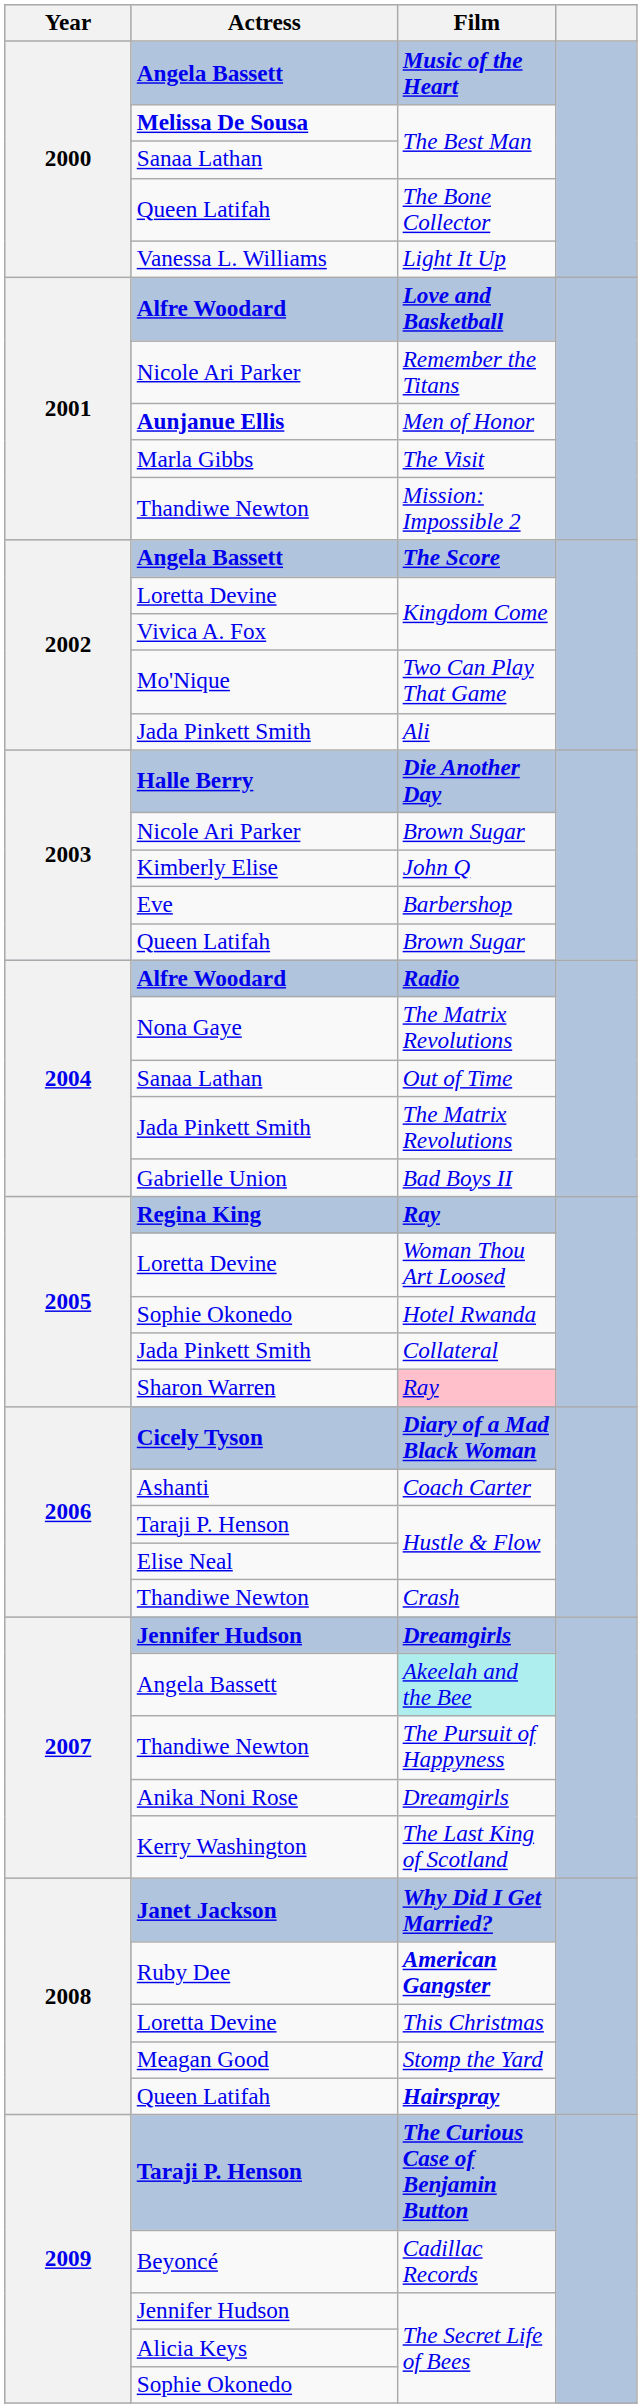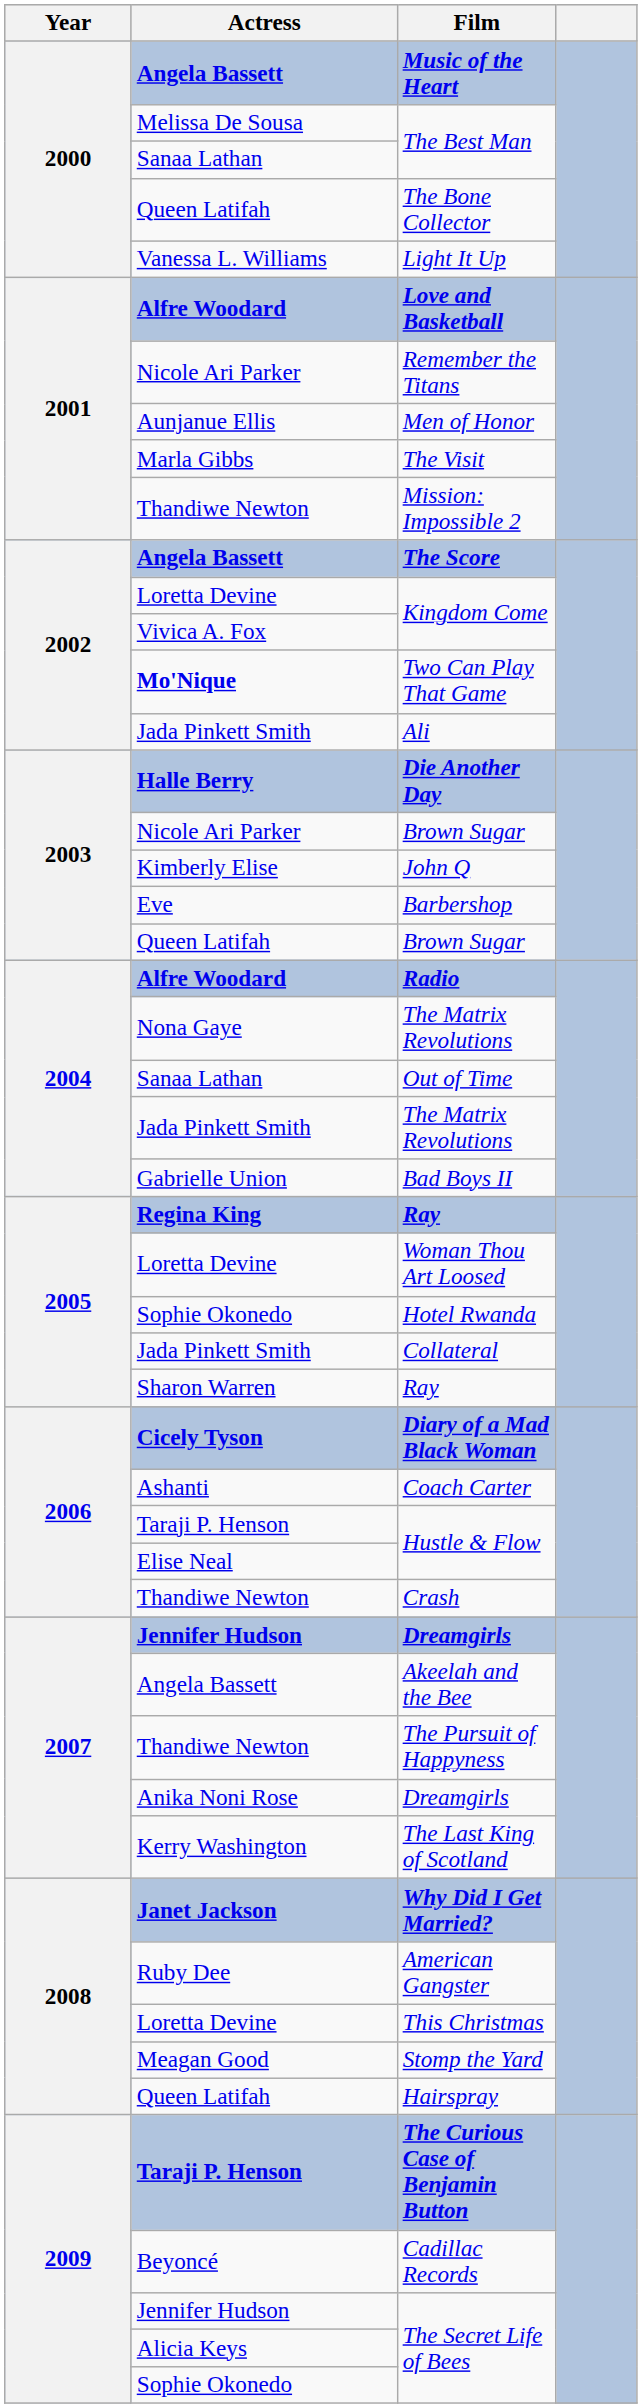 <table class="wikitable" style="width:70%;">
 <tr style="background:#bebebe;">
 <th scope="col" style="width:5em;">Year</th>
 <th scope="col" style="width:11em;">Actress</th>
 <th scope="col">Film</th>
 <th scope="col" style="width:3em;"></th>
 </tr>
 <tr style="background:#B0C4DE; font-weight:bold;">
 <th scope="row" rowspan="5">2000</th>
 <td><a href='#'>Angela Bassett</a></td>
 <td><em><a href='#'>Music of the Heart</a></em></td>
 <td rowspan="5" style="text-align:center;"></td>
 </tr>
 <tr>
-<td><strong><a href='#'>Melissa De Sousa</a></strong></td>
+<td><a href='#'>Melissa De Sousa</a></td>
 <td rowspan="2"><em><a href='#'>The Best Man</a></em></td>
 </tr>
 <tr>
 <td><a href='#'>Sanaa Lathan</a></td>
 </tr>
 <tr>
 <td><a href='#'>Queen Latifah</a></td>
 <td><em><a href='#'>The Bone Collector</a></em></td>
 </tr>
 <tr>
 <td><a href='#'>Vanessa L. Williams</a></td>
 <td><em><a href='#'>Light It Up</a></em></td>
 </tr>
 <tr style="background:#B0C4DE; font-weight:bold;">
 <th scope="row" rowspan="5">2001</th>
 <td><a href='#'>Alfre Woodard</a></td>
 <td><em><a href='#'>Love and Basketball</a></em></td>
 <td rowspan="5" style="text-align:center;"></td>
 </tr>
 <tr>
 <td><a href='#'>Nicole Ari Parker</a></td>
 <td><em><a href='#'>Remember the Titans</a></em></td>
 </tr>
 <tr>
-<td><strong><a href='#'>Aunjanue Ellis</a></strong></td>
+<td><a href='#'>Aunjanue Ellis</a></td>
 <td><em><a href='#'>Men of Honor</a></em></td>
 </tr>
 <tr>
 <td><a href='#'>Marla Gibbs</a></td>
 <td><em><a href='#'>The Visit</a></em></td>
 </tr>
 <tr>
 <td><a href='#'>Thandiwe Newton</a></td>
 <td><em><a href='#'>Mission: Impossible 2</a></em></td>
 </tr>
 <tr style="background:#B0C4DE; font-weight:bold;">
 <th scope="row" rowspan="5">2002</th>
 <td><a href='#'>Angela Bassett</a></td>
 <td><em><a href='#'>The Score</a></em></td>
 <td rowspan="5" style="text-align:center;"></td>
 </tr>
 <tr>
 <td><a href='#'>Loretta Devine</a></td>
 <td rowspan="2"><em><a href='#'>Kingdom Come</a></em></td>
 </tr>
 <tr>
 <td><a href='#'>Vivica A. Fox</a></td>
 </tr>
 <tr>
-<td><a href='#'>Mo'Nique</a></td>
+<td><strong><a href='#'>Mo'Nique</a></strong></td>
 <td><em><a href='#'>Two Can Play That Game</a></em></td>
 </tr>
 <tr>
 <td><a href='#'>Jada Pinkett Smith</a></td>
 <td><em><a href='#'>Ali</a></em></td>
 </tr>
 <tr style="background:#B0C4DE; font-weight:bold;">
 <th scope="row" rowspan="5">2003</th>
 <td><a href='#'>Halle Berry</a></td>
 <td><em><a href='#'>Die Another Day</a></em></td>
 <td rowspan="5" style="text-align:center;"></td>
 </tr>
 <tr>
 <td><a href='#'>Nicole Ari Parker</a></td>
 <td><em><a href='#'>Brown Sugar</a></em></td>
 </tr>
 <tr>
 <td><a href='#'>Kimberly Elise</a></td>
 <td><em><a href='#'>John Q</a></em></td>
 </tr>
 <tr>
 <td><a href='#'>Eve</a></td>
 <td><em><a href='#'>Barbershop</a></em></td>
 </tr>
 <tr>
 <td><a href='#'>Queen Latifah</a></td>
 <td><em><a href='#'>Brown Sugar</a></em></td>
 </tr>
 <tr style="background:#B0C4DE; font-weight:bold;">
 <th scope="row" rowspan="5"><a href='#'>2004</a></th>
 <td><a href='#'>Alfre Woodard</a></td>
 <td><em><a href='#'>Radio</a></em></td>
 <td rowspan="5" style="text-align:center;"></td>
 </tr>
 <tr>
 <td><a href='#'>Nona Gaye</a></td>
 <td><em><a href='#'>The Matrix Revolutions</a></em></td>
 </tr>
 <tr>
 <td><a href='#'>Sanaa Lathan</a></td>
 <td><em><a href='#'>Out of Time</a></em></td>
 </tr>
 <tr>
 <td><a href='#'>Jada Pinkett Smith</a></td>
 <td><em><a href='#'>The Matrix Revolutions</a></em></td>
 </tr>
 <tr>
 <td><a href='#'>Gabrielle Union</a></td>
 <td><em><a href='#'>Bad Boys II</a></em></td>
 </tr>
 <tr style="background:#B0C4DE; font-weight:bold;">
 <th scope="row" rowspan="5"><a href='#'>2005</a></th>
 <td><a href='#'>Regina King</a></td>
 <td><em><a href='#'>Ray</a></em></td>
 <td rowspan="5" style="text-align:center;"></td>
 </tr>
 <tr>
 <td><a href='#'>Loretta Devine</a></td>
 <td><em><a href='#'>Woman Thou Art Loosed</a></em></td>
 </tr>
 <tr>
 <td><a href='#'>Sophie Okonedo</a></td>
 <td><em><a href='#'>Hotel Rwanda</a></em></td>
 </tr>
 <tr>
 <td><a href='#'>Jada Pinkett Smith</a></td>
 <td><em><a href='#'>Collateral</a></em></td>
 </tr>
 <tr>
 <td><a href='#'>Sharon Warren</a></td>
-<td style="background: pink;"><em><a href='#'>Ray</a></em></td>
+<td><em><a href='#'>Ray</a></em></td>
 </tr>
 <tr style="background:#B0C4DE; font-weight:bold;">
 <th scope="row" rowspan="5"><a href='#'>2006</a></th>
 <td><a href='#'>Cicely Tyson</a></td>
 <td><em><a href='#'>Diary of a Mad Black Woman</a></em></td>
 <td rowspan="5" style="text-align:center;"></td>
 </tr>
 <tr>
 <td><a href='#'>Ashanti</a></td>
 <td><em><a href='#'>Coach Carter</a></em></td>
 </tr>
 <tr>
 <td><a href='#'>Taraji P. Henson</a></td>
 <td rowspan="2"><em><a href='#'>Hustle & Flow</a></em></td>
 </tr>
 <tr>
 <td><a href='#'>Elise Neal</a></td>
 </tr>
 <tr>
 <td><a href='#'>Thandiwe Newton</a></td>
 <td><em><a href='#'>Crash</a></em></td>
 </tr>
 <tr style="background:#B0C4DE; font-weight:bold;">
 <th scope="row" rowspan="5"><a href='#'>2007</a></th>
 <td><a href='#'>Jennifer Hudson</a></td>
 <td><em><a href='#'>Dreamgirls</a></em></td>
 <td rowspan="5" style="text-align:center;"></td>
 </tr>
 <tr>
 <td><a href='#'>Angela Bassett</a></td>
-<td style="background: paleturquoise;"><em><a href='#'>Akeelah and the Bee</a></em></td>
+<td><em><a href='#'>Akeelah and the Bee</a></em></td>
 </tr>
 <tr>
 <td><a href='#'>Thandiwe Newton</a></td>
 <td><em><a href='#'>The Pursuit of Happyness</a></em></td>
 </tr>
 <tr>
 <td><a href='#'>Anika Noni Rose</a></td>
 <td><em><a href='#'>Dreamgirls</a></em></td>
 </tr>
 <tr>
 <td><a href='#'>Kerry Washington</a></td>
 <td><em><a href='#'>The Last King of Scotland</a></em></td>
 </tr>
 <tr style="background:#B0C4DE; font-weight:bold;">
 <th scope="row" rowspan="5">2008</th>
 <td><a href='#'>Janet Jackson</a></td>
 <td><em><a href='#'>Why Did I Get Married?</a></em></td>
 <td rowspan="5" style="text-align:center;"></td>
 </tr>
 <tr>
 <td><a href='#'>Ruby Dee</a></td>
-<td><strong><em><a href='#'>American Gangster</a></em></strong></td>
+<td><em><a href='#'>American Gangster</a></em></td>
 </tr>
 <tr>
 <td><a href='#'>Loretta Devine</a></td>
 <td><em><a href='#'>This Christmas</a></em></td>
 </tr>
 <tr>
 <td><a href='#'>Meagan Good</a></td>
 <td><em><a href='#'>Stomp the Yard</a></em></td>
 </tr>
 <tr>
 <td><a href='#'>Queen Latifah</a></td>
-<td><strong><em><a href='#'>Hairspray</a></em></strong></td>
+<td><em><a href='#'>Hairspray</a></em></td>
 </tr>
 <tr style="background:#B0C4DE; font-weight:bold;">
 <th scope="row" rowspan="5"><a href='#'>2009</a></th>
 <td><a href='#'>Taraji P. Henson</a></td>
 <td><em><a href='#'>The Curious Case of Benjamin Button</a></em></td>
 <td rowspan="5" style="text-align:center;"></td>
 </tr>
 <tr>
 <td><a href='#'>Beyoncé</a></td>
 <td><em><a href='#'>Cadillac Records</a></em></td>
 </tr>
 <tr>
 <td><a href='#'>Jennifer Hudson</a></td>
 <td rowspan="3"><em><a href='#'>The Secret Life of Bees</a></em></td>
 </tr>
 <tr>
 <td><a href='#'>Alicia Keys</a></td>
 </tr>
 <tr>
 <td><a href='#'>Sophie Okonedo</a></td>
 </tr>
 </table>
